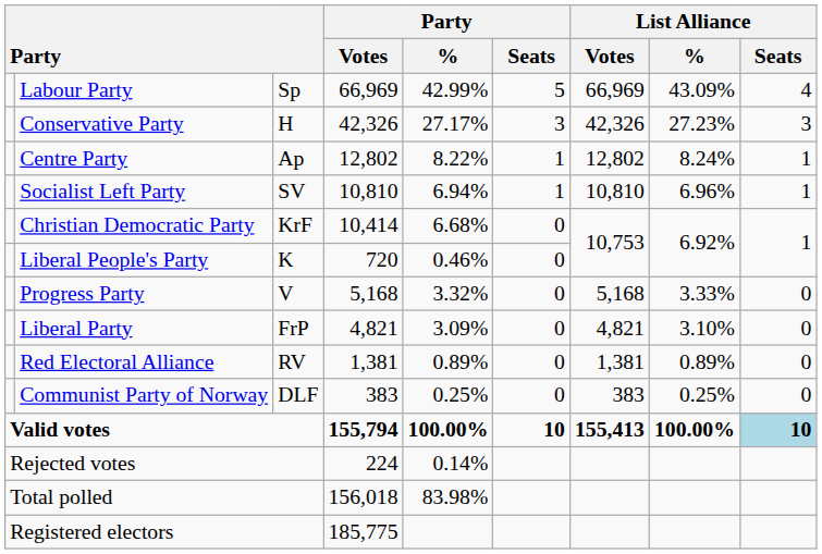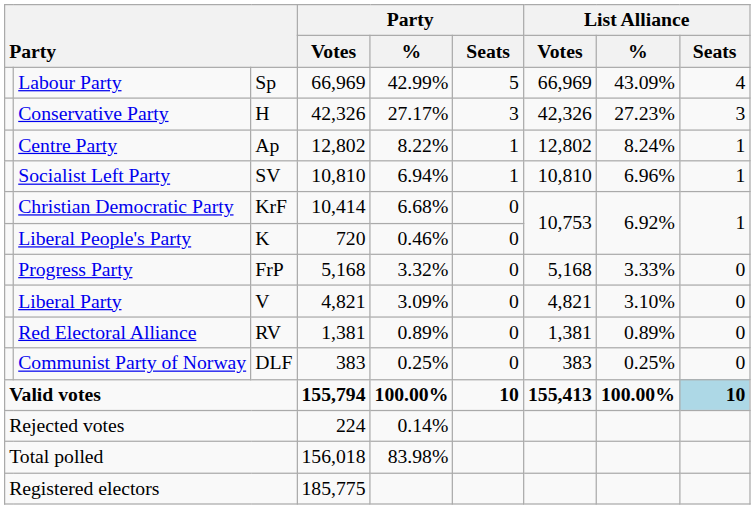 <table class="wikitable" border="1" style="text-align:right;">
 <tr>
 <th style="text-align:left;" valign=bottom rowspan=2 colspan=3>Party</th>
 <th colspan=3>Party</th>
 <th colspan=3>List Alliance</th>
 </tr>
 <tr>
 <th align=center valign=bottom width="50">Votes</th>
 <th align=center valign=bottom width="50">%</th>
 <th align=center valign=bottom width="50">Seats</th>
 <th align=center valign=bottom width="50">Votes</th>
 <th align=center valign=bottom width="50">%</th>
 <th align=center valign=bottom width="50">Seats</th>
 </tr>
 <tr>
 <td style="color:inherit;background:"></td>
 <td align=left><a href='#'>Labour Party</a></td>
 <td align=left>Sp</td>
 <td>66,969</td>
 <td>42.99%</td>
 <td>5</td>
 <td>66,969</td>
 <td>43.09%</td>
 <td>4</td>
 </tr>
 <tr>
 <td style="color:inherit;background:"></td>
 <td align=left><a href='#'>Conservative Party</a></td>
 <td align=left>H</td>
 <td>42,326</td>
 <td>27.17%</td>
 <td>3</td>
 <td>42,326</td>
 <td>27.23%</td>
 <td>3</td>
 </tr>
 <tr>
 <td style="color:inherit;background:"></td>
 <td align=left><a href='#'>Centre Party</a></td>
 <td align=left>Ap</td>
 <td>12,802</td>
 <td>8.22%</td>
 <td>1</td>
 <td>12,802</td>
 <td>8.24%</td>
 <td>1</td>
 </tr>
 <tr>
 <td style="color:inherit;background:"></td>
 <td align=left><a href='#'>Socialist Left Party</a></td>
 <td align=left>SV</td>
 <td>10,810</td>
 <td>6.94%</td>
 <td>1</td>
 <td>10,810</td>
 <td>6.96%</td>
 <td>1</td>
 </tr>
 <tr>
 <td style="color:inherit;background:"></td>
 <td align=left><a href='#'>Christian Democratic Party</a></td>
 <td align=left>KrF</td>
 <td>10,414</td>
 <td>6.68%</td>
 <td>0</td>
 <td rowspan=2>10,753</td>
 <td rowspan=2>6.92%</td>
 <td rowspan=2>1</td>
 </tr>
 <tr>
 <td style="color:inherit;background:"></td>
 <td align=left><a href='#'>Liberal People's Party</a></td>
 <td align=left>K</td>
 <td>720</td>
 <td>0.46%</td>
 <td>0</td>
 </tr>
 <tr>
 <td style="color:inherit;background:"></td>
 <td align=left><a href='#'>Progress Party</a></td>
-<td align=left>V</td>
+<td align=left>FrP</td>
 <td>5,168</td>
 <td>3.32%</td>
 <td>0</td>
 <td>5,168</td>
 <td>3.33%</td>
 <td>0</td>
 </tr>
 <tr>
 <td style="color:inherit;background:"></td>
 <td align=left><a href='#'>Liberal Party</a></td>
-<td align=left>FrP</td>
+<td align=left>V</td>
 <td>4,821</td>
 <td>3.09%</td>
 <td>0</td>
 <td>4,821</td>
 <td>3.10%</td>
 <td>0</td>
 </tr>
 <tr>
 <td style="color:inherit;background:"></td>
 <td align=left><a href='#'>Red Electoral Alliance</a></td>
 <td align=left>RV</td>
 <td>1,381</td>
 <td>0.89%</td>
 <td>0</td>
 <td>1,381</td>
 <td>0.89%</td>
 <td>0</td>
 </tr>
 <tr>
 <td style="color:inherit;background:"></td>
 <td align=left><a href='#'>Communist Party of Norway</a></td>
 <td align=left>DLF</td>
 <td>383</td>
 <td>0.25%</td>
 <td>0</td>
 <td>383</td>
 <td>0.25%</td>
 <td>0</td>
 </tr>
 <tr style="font-weight:bold">
 <td align=left colspan=3>Valid votes</td>
 <td>155,794</td>
 <td>100.00%</td>
 <td>10</td>
 <td>155,413</td>
 <td>100.00%</td>
 <td style="background: lightblue;">10</td>
 </tr>
 <tr>
 <td align=left colspan=3>Rejected votes</td>
 <td>224</td>
 <td>0.14%</td>
 <td></td>
 <td></td>
 <td></td>
 <td></td>
 </tr>
 <tr>
 <td align=left colspan=3>Total polled</td>
 <td>156,018</td>
 <td>83.98%</td>
 <td></td>
 <td></td>
 <td></td>
 <td></td>
 </tr>
 <tr>
 <td align=left colspan=3>Registered electors</td>
 <td>185,775</td>
 <td></td>
 <td></td>
 <td></td>
 <td></td>
 <td></td>
 </tr>
 </table>
